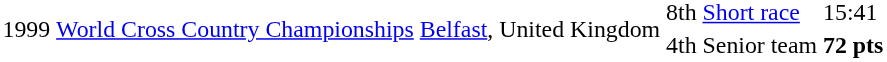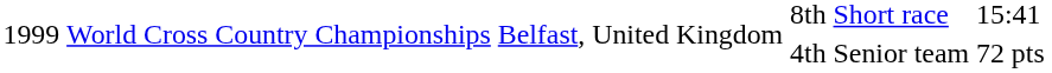 <table>
 <tr>
 <td rowspan=2>1999</td>
 <td rowspan=2><a href='#'>World Cross Country Championships</a></td>
 <td rowspan=2><a href='#'>Belfast</a>, United Kingdom</td>
 <td>8th</td>
 <td><a href='#'>Short race</a></td>
 <td>15:41</td>
 </tr>
 <tr>
 <td>4th</td>
 <td>Senior team</td>
-<td><strong>72 pts</strong></td>
+<td>72 pts</td>
 </tr>
 </table>
